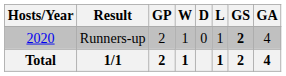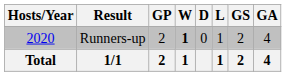 <table class="wikitable" style="text-align: center;">
 <tr>
 <th>Hosts/Year</th>
 <th>Result</th>
 <th>GP</th>
 <th>W</th>
 <th>D</th>
 <th>L</th>
 <th>GS</th>
 <th>GA</th>
 </tr>
 <tr>
 </tr>
 <tr style="background:Silver;">
 <td> <a href='#'>2020</a></td>
 <td>Runners-up</td>
 <td>2</td>
-<td>1</td>
+<td><strong>1</strong></td>
 <td>0</td>
 <td>1</td>
-<td><strong>2</strong></td>
+<td>2</td>
 <td>4</td>
 </tr>
 <tr>
 <th>Total</th>
 <th>1/1</th>
 <th>2</th>
 <th>1</th>
 <th></th>
 <th>1</th>
 <th>2</th>
 <th>4</th>
 </tr>
 </table>
